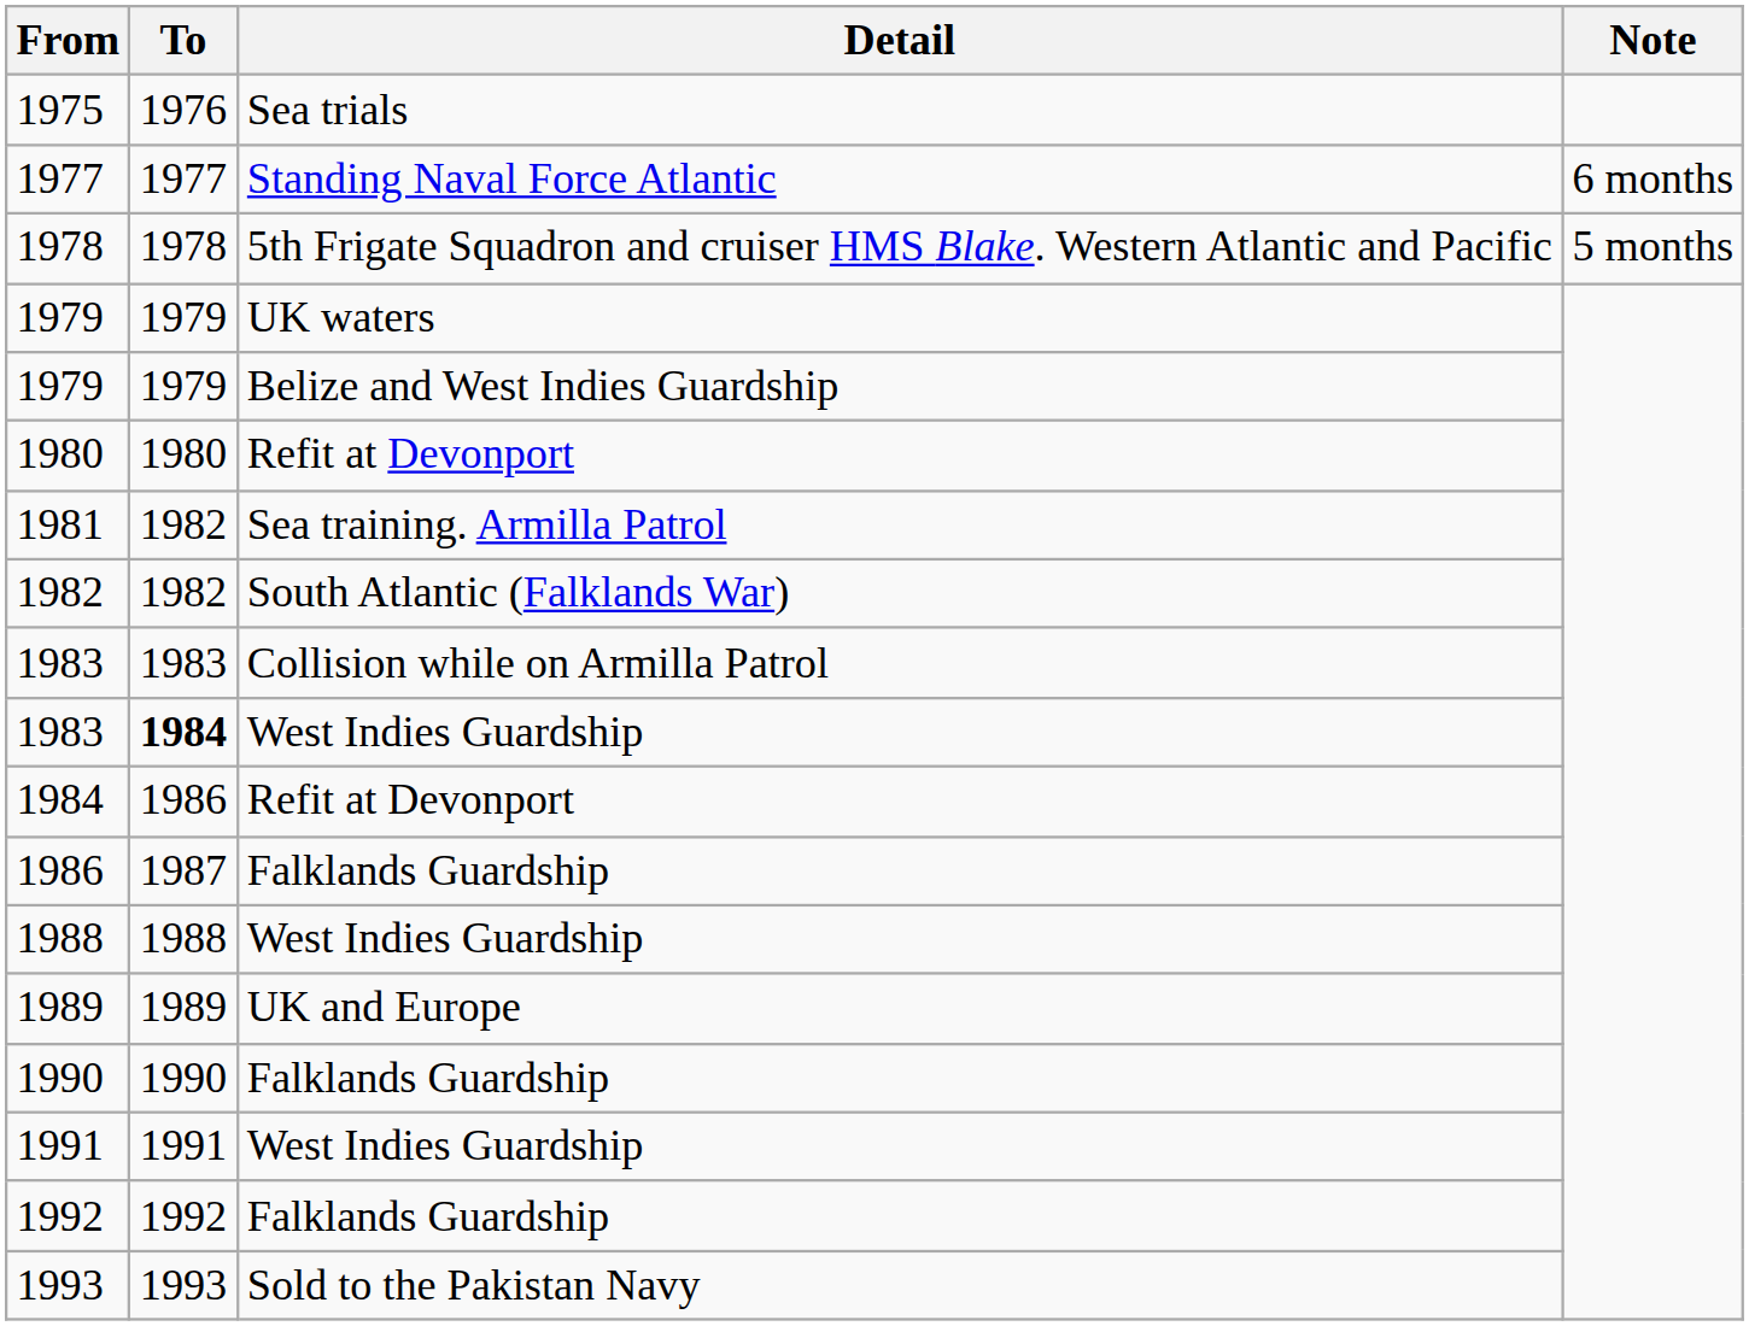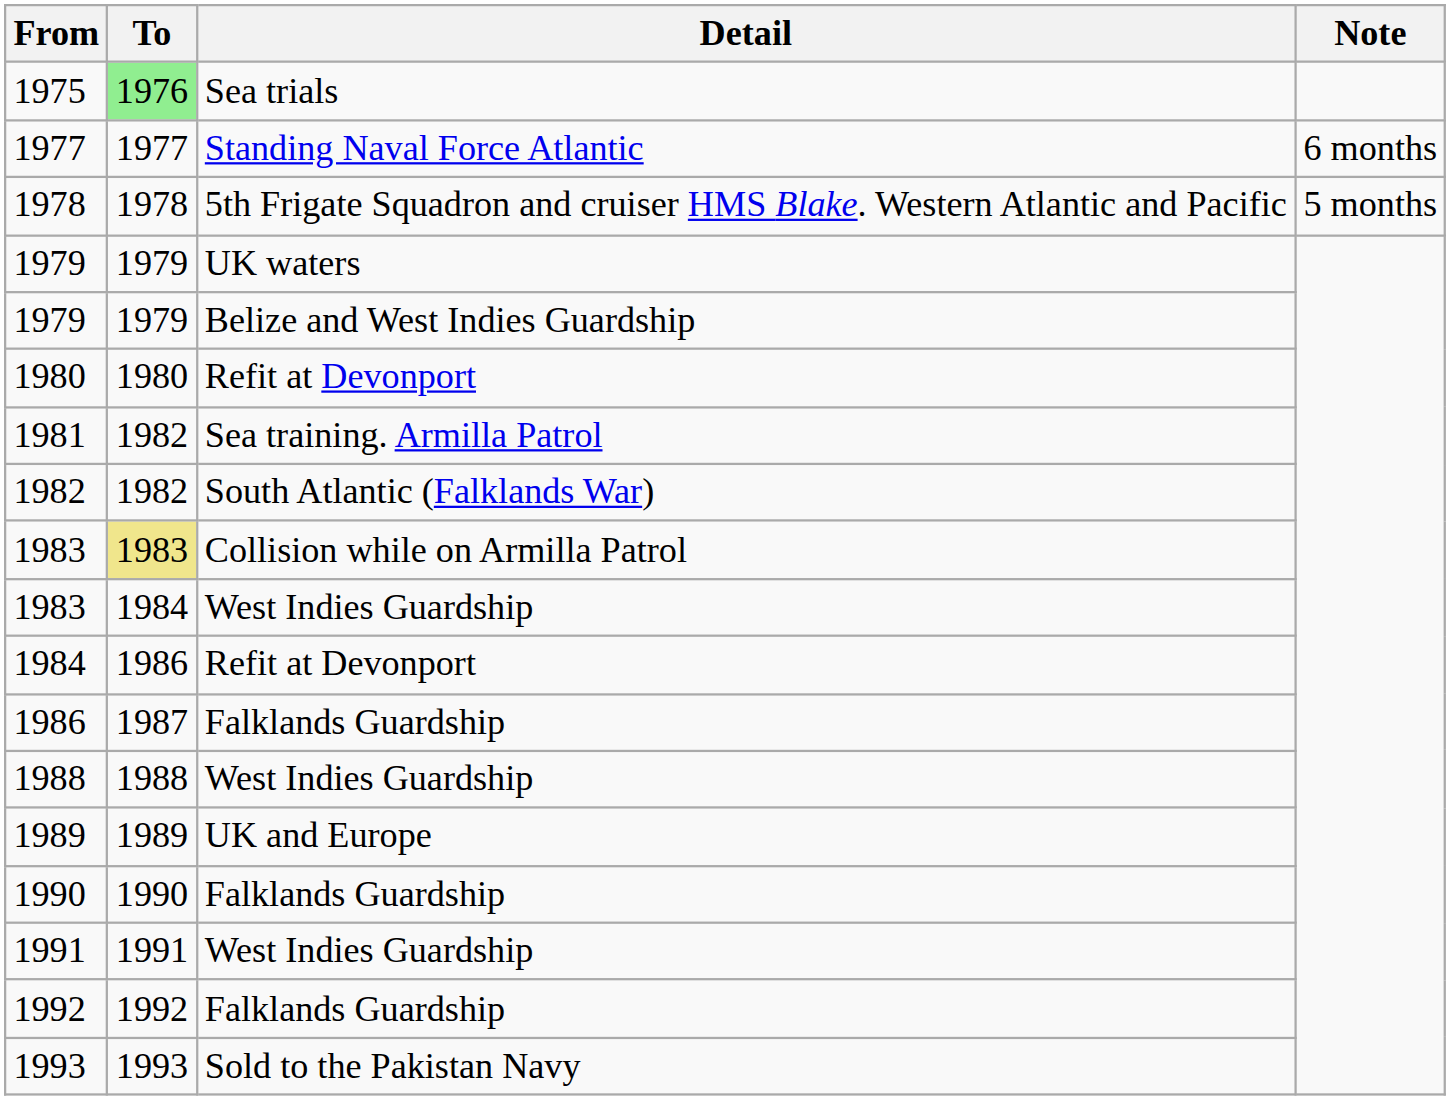 <table class="wikitable" style="text-align:left">
 <tr>
 <th>From</th>
 <th>To</th>
 <th>Detail</th>
 <th>Note</th>
 </tr>
 <tr>
 <td>1975</td>
-<td>1976</td>
+<td style="background: lightgreen;">1976</td>
 <td>Sea trials</td>
 </tr>
 <tr>
 <td>1977</td>
 <td>1977</td>
 <td><a href='#'>Standing Naval Force Atlantic</a></td>
 <td>6 months</td>
 </tr>
 <tr>
 <td>1978</td>
 <td>1978</td>
 <td>5th Frigate Squadron and cruiser <a href='#'>HMS <em>Blake</em></a>. Western Atlantic and Pacific</td>
 <td>5 months</td>
 </tr>
 <tr>
 <td>1979</td>
 <td>1979</td>
 <td>UK waters</td>
 </tr>
 <tr>
 <td>1979</td>
 <td>1979</td>
 <td>Belize and West Indies Guardship</td>
 </tr>
 <tr>
 <td>1980</td>
 <td>1980</td>
 <td>Refit at <a href='#'>Devonport</a></td>
 </tr>
 <tr>
 <td>1981</td>
 <td>1982</td>
 <td>Sea training. <a href='#'>Armilla Patrol</a></td>
 </tr>
 <tr>
 <td>1982</td>
 <td>1982</td>
 <td>South Atlantic (<a href='#'>Falklands War</a>)</td>
 </tr>
 <tr>
 <td>1983</td>
-<td>1983</td>
+<td style="background: khaki;">1983</td>
 <td>Collision while on Armilla Patrol</td>
 </tr>
 <tr>
 <td>1983</td>
-<td><strong>1984</strong></td>
+<td>1984</td>
 <td>West Indies Guardship</td>
 </tr>
 <tr>
 <td>1984</td>
 <td>1986</td>
 <td>Refit at Devonport</td>
 </tr>
 <tr>
 <td>1986</td>
 <td>1987</td>
 <td>Falklands Guardship</td>
 </tr>
 <tr>
 <td>1988</td>
 <td>1988</td>
 <td>West Indies Guardship</td>
 </tr>
 <tr>
 <td>1989</td>
 <td>1989</td>
 <td>UK and Europe</td>
 </tr>
 <tr>
 <td>1990</td>
 <td>1990</td>
 <td>Falklands Guardship</td>
 </tr>
 <tr>
 <td>1991</td>
 <td>1991</td>
 <td>West Indies Guardship</td>
 </tr>
 <tr>
 <td>1992</td>
 <td>1992</td>
 <td>Falklands Guardship</td>
 </tr>
 <tr>
 <td>1993</td>
 <td>1993</td>
 <td>Sold to the Pakistan Navy</td>
 </tr>
 </table>
